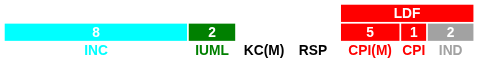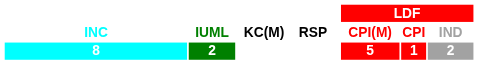 <table style="width:88%; text-align:center;">
 <tr style="color:white;">
 <td colspan=4 align=center style="background:"><strong>UDF</strong></td>
 <td></td>
 <td colspan=3 align=center style="background:Red"><strong>LDF</strong></td>
+</tr>
+<tr>
+<td style="color:aqua;"><strong>INC</strong></td>
+<td style="color:green;"><strong>IUML</strong></td>
+<td style="color:"><strong>KC(M)</strong></td>
+<td style="color:"><strong>RSP</strong></td>
+<td style="color:#ffffff;"></td>
+<td style="color:red;"><strong>CPI(M)</strong></td>
+<td style="color:red;"><strong>CPI</strong></td>
+<td style="color:#A2A2A2;"><strong>IND</strong></td>
 </tr>
 <tr style="color:white;">
 <td style="background:aqua; width:40%;"><strong>8</strong></td>
 <td style="background:green; width:10%;"><strong>2</strong></td>
 <td style="background:"><strong>1</strong></td>
 <td style="background:"><strong>1</strong></td>
 <td style="background:#ffffff; width:1%;"></td>
 <td style="background:red; width:25;"><strong>5</strong></td>
 <td style="background:red; width:5%;"><strong>1</strong></td>
 <td style="background:#A2A2A2; width:10%;"><strong>2</strong></td>
 </tr>
-<tr>
-<td style="color:aqua;"><strong>INC</strong></td>
-<td style="color:green;"><strong>IUML</strong></td>
-<td style="color:"><strong>KC(M)</strong></td>
-<td style="color:"><strong>RSP</strong></td>
-<td style="color:#ffffff;"></td>
-<td style="color:red;"><strong>CPI(M)</strong></td>
-<td style="color:red;"><strong>CPI</strong></td>
-<td style="color:#A2A2A2;"><strong>IND</strong></td>
-</tr>
 </table>
